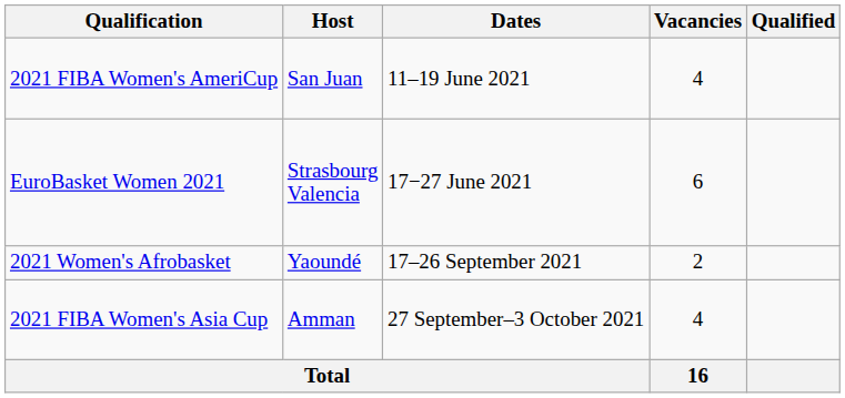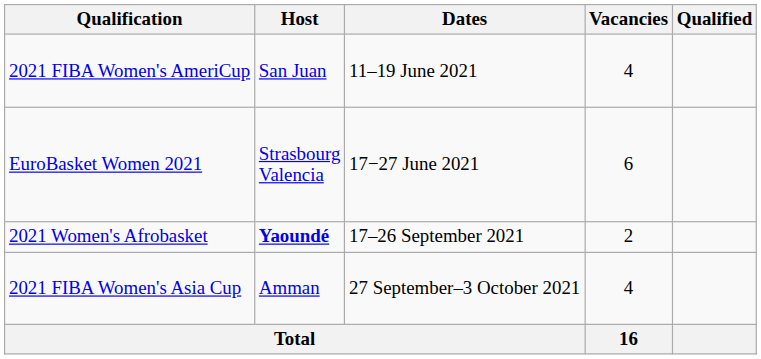 <table class="wikitable">
 <tr>
 <th>Qualification</th>
 <th>Host</th>
 <th>Dates</th>
 <th>Vacancies</th>
 <th>Qualified</th>
 </tr>
 <tr>
 <td><a href='#'>2021 FIBA Women's AmeriCup</a></td>
 <td> <a href='#'>San Juan</a></td>
 <td>11–19 June 2021</td>
 <td align=center>4</td>
 <td><br><br><br></td>
 </tr>
 <tr>
 <td><a href='#'>EuroBasket Women 2021</a></td>
 <td> <a href='#'>Strasbourg</a><br> <a href='#'>Valencia</a></td>
 <td>17−27 June 2021</td>
 <td align=center>6</td>
 <td><br><br><br><s></s><br><br></td>
 </tr>
 <tr>
 <td><a href='#'>2021 Women's Afrobasket</a></td>
-<td> <a href='#'>Yaoundé</a></td>
+<td><strong> <a href='#'>Yaoundé</a></strong></td>
 <td>17–26 September 2021</td>
 <td align=center>2</td>
 <td><br></td>
 </tr>
 <tr>
 <td><a href='#'>2021 FIBA Women's Asia Cup</a></td>
 <td> <a href='#'>Amman</a></td>
 <td>27 September–3 October 2021</td>
 <td align=center>4</td>
 <td><br><br><br></td>
 </tr>
 <tr>
 <th colspan="3">Total</th>
 <th>16</th>
 <th></th>
 </tr>
 </table>
